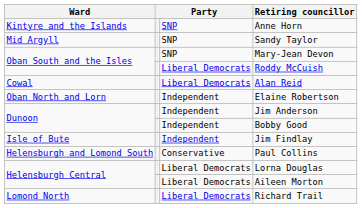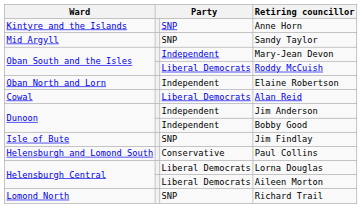 <table class="wikitable sortable">
 <tr>
 <th scope="col">Ward</th>
 <th scope="col" colspan="2">Party</th>
 <th scope="col">Retiring councillor</th>
 </tr>
 <tr>
 <td scope="row"><a href='#'>Kintyre and the Islands</a></td>
 <th style="background-color: "></th>
 <td><a href='#'>SNP</a></td>
 <td>Anne Horn</td>
 </tr>
 <tr>
 <td scope="row"><a href='#'>Mid Argyll</a></td>
 <th style="background-color: "></th>
 <td>SNP</td>
 <td>Sandy Taylor</td>
 </tr>
 <tr>
 <td scope="row" rowspan="2"><a href='#'>Oban South and the Isles</a></td>
 <th style="background-color: "></th>
-<td>SNP</td>
+<td><a href='#'>Independent</a></td>
 <td>Mary-Jean Devon</td>
 </tr>
 <tr>
 <th style="background-color: "></th>
 <td><a href='#'>Liberal Democrats</a></td>
 <td><a href='#'>Roddy McCuish</a></td>
 </tr>
 <tr>
+<td scope="row"><a href='#'>Oban North and Lorn</a></td>
+<th style="background-color: "></th>
+<td>Independent</td>
+<td>Elaine Robertson</td>
+</tr>
+<tr>
 <td scope="row"><a href='#'>Cowal</a></td>
 <th style="background-color: "></th>
 <td><a href='#'>Liberal Democrats</a></td>
 <td><a href='#'>Alan Reid</a></td>
-</tr>
-<tr>
-<td scope="row"><a href='#'>Oban North and Lorn</a></td>
-<th style="background-color: "></th>
-<td>Independent</td>
-<td>Elaine Robertson</td>
 </tr>
 <tr>
 <td scope="row" rowspan="2"><a href='#'>Dunoon</a></td>
 <th style="background-color: "></th>
 <td>Independent</td>
 <td>Jim Anderson</td>
 </tr>
 <tr>
 <th style="background-color: "></th>
 <td>Independent</td>
 <td>Bobby Good</td>
 </tr>
 <tr>
 <td scope="row"><a href='#'>Isle of Bute</a></td>
 <th style="background-color: "></th>
-<td><a href='#'>Independent</a></td>
+<td>SNP</td>
 <td>Jim Findlay</td>
 </tr>
 <tr>
 <td scope="row"><a href='#'>Helensburgh and Lomond South</a></td>
 <th style="background-color: "></th>
 <td>Conservative</td>
 <td>Paul Collins</td>
 </tr>
 <tr>
 <td scope="row" rowspan="2"><a href='#'>Helensburgh Central</a></td>
 <th style="background-color: "></th>
 <td>Liberal Democrats</td>
 <td>Lorna Douglas</td>
 </tr>
 <tr>
 <th style="background-color: "></th>
 <td>Liberal Democrats</td>
 <td>Aileen Morton</td>
 </tr>
 <tr>
 <td scope="row"><a href='#'>Lomond North</a></td>
 <th style="background-color: "></th>
-<td><a href='#'>Liberal Democrats</a></td>
+<td>SNP</td>
 <td>Richard Trail</td>
 </tr>
 </table>
